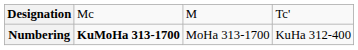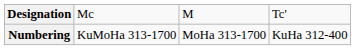 <table class="wikitable">
 <tr>
 <th>Designation</th>
 <td>Mc</td>
 <td>M</td>
 <td>Tc'</td>
 </tr>
 <tr>
 <th>Numbering</th>
-<td><strong>KuMoHa 313-1700</strong></td>
+<td>KuMoHa 313-1700</td>
 <td>MoHa 313-1700</td>
 <td>KuHa 312-400</td>
 </tr>
 </table>
